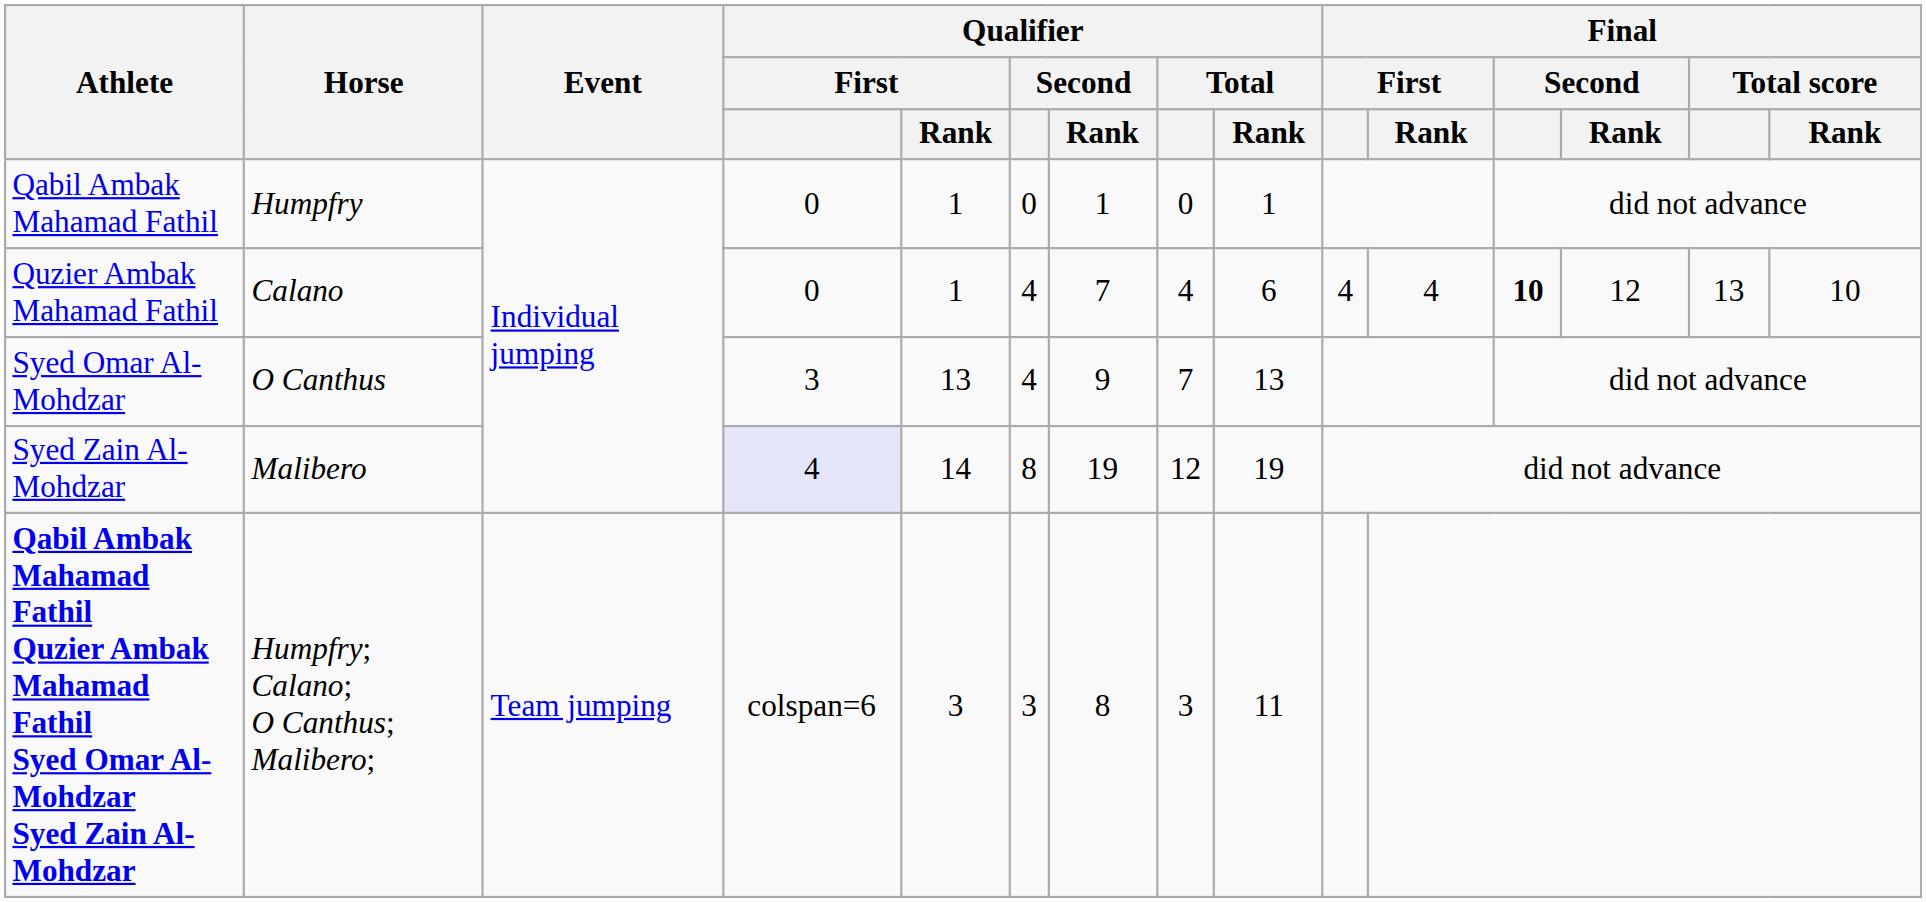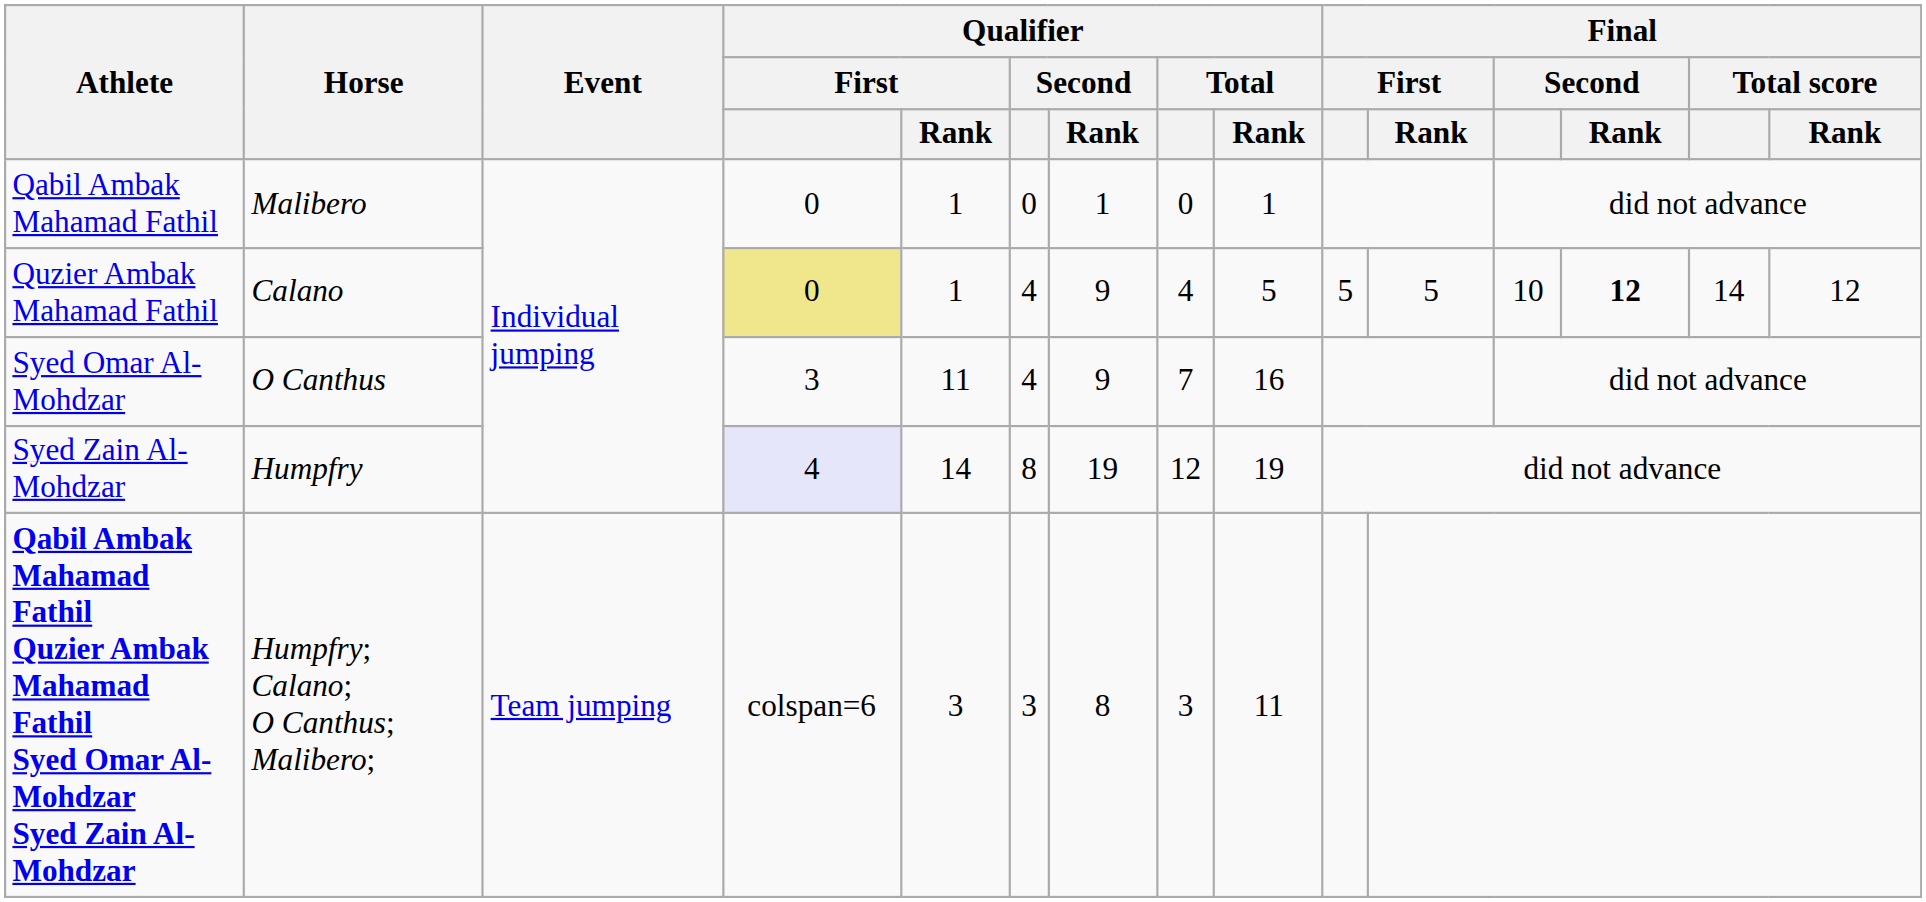 <table class="wikitable" width="100%" style="text-align:center; font-size:90%;">
 <tr>
 <th rowspan="3" width="10%">Athlete</th>
 <th rowspan="3" width="10%">Horse</th>
 <th rowspan="3" width="10%">Event</th>
 <th colspan="6" width="25%">Qualifier</th>
 <th colspan="6" width="25%">Final</th>
 </tr>
 <tr>
 <th colspan="2">First</th>
 <th colspan="2">Second</th>
 <th colspan="2">Total</th>
 <th colspan="2">First</th>
 <th colspan="2">Second</th>
 <th colspan="2">Total score</th>
 </tr>
 <tr>
 <th></th>
 <th>Rank</th>
 <th></th>
 <th>Rank</th>
 <th></th>
 <th>Rank</th>
 <th></th>
 <th>Rank</th>
 <th></th>
 <th>Rank</th>
 <th></th>
 <th>Rank</th>
 </tr>
 <tr>
 <td align=left><a href='#'>Qabil Ambak Mahamad Fathil</a></td>
-<td align=left><em>Humpfry</em></td>
+<td align=left><em>Malibero</em></td>
 <td align=left rowspan=4><a href='#'>Individual jumping</a></td>
 <td>0</td>
 <td>1 <strong></strong></td>
 <td>0</td>
 <td>1</td>
 <td>0</td>
 <td>1 <strong></strong></td>
 <td colspan=2></td>
 <td colspan=4>did not advance</td>
 </tr>
 <tr>
 <td align=left><a href='#'>Quzier Ambak Mahamad Fathil</a></td>
 <td align=left><em>Calano</em></td>
-<td>0</td>
+<td style="background: khaki;">0</td>
 <td>1 <strong></strong></td>
 <td>4</td>
-<td>7</td>
+<td>9</td>
 <td>4</td>
-<td>6 <strong></strong></td>
-<td>4</td>
-<td>4 <strong></strong></td>
-<td><strong>10</strong></td>
+<td>5 <strong></strong></td>
+<td>5</td>
+<td>5 <strong></strong></td>
+<td>10</td>
+<td><strong>12</strong></td>
+<td>14</td>
 <td>12</td>
-<td>13</td>
-<td>10</td>
 </tr>
 <tr>
 <td align=left><a href='#'>Syed Omar Al-Mohdzar</a></td>
 <td align=left><em>O Canthus</em></td>
 <td>3</td>
-<td>13 <strong></strong></td>
+<td>11 <strong></strong></td>
 <td>4</td>
 <td>9</td>
 <td>7</td>
-<td>13 <strong></strong></td>
+<td>16 <strong></strong></td>
 <td colspan=2></td>
 <td colspan=4>did not advance</td>
 </tr>
 <tr>
 <td align=left><a href='#'>Syed Zain Al-Mohdzar</a></td>
-<td align=left><em>Malibero</em></td>
+<td align=left><em>Humpfry</em></td>
 <td style="background: lavender;">4</td>
 <td>14 <strong></strong></td>
 <td>8</td>
 <td>19</td>
 <td>12</td>
 <td>19</td>
 <td colspan=6>did not advance</td>
 </tr>
 <tr>
 <td align=left><strong><a href='#'>Qabil Ambak Mahamad Fathil</a><br><a href='#'>Quzier Ambak Mahamad Fathil</a><br><a href='#'>Syed Omar Al-Mohdzar</a><br><a href='#'>Syed Zain Al-Mohdzar</a></strong></td>
 <td align=left><em>Humpfry</em>;<br><em>Calano</em>;<br><em>O Canthus</em>;<br><em>Malibero</em>;</td>
 <td align=left rowspan=2><a href='#'>Team jumping</a></td>
 <td>colspan=6 </td>
 <td>3</td>
 <td>3 <strong></strong></td>
 <td>8</td>
 <td>3</td>
 <td>11</td>
 <td></td>
 </tr>
 </table>
